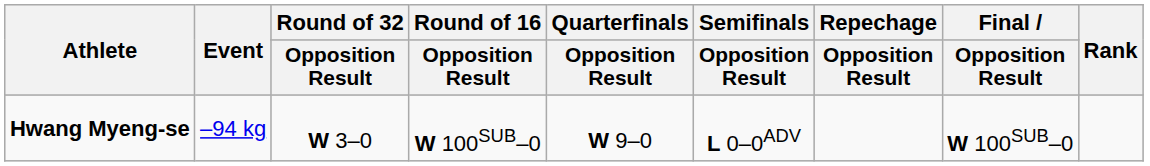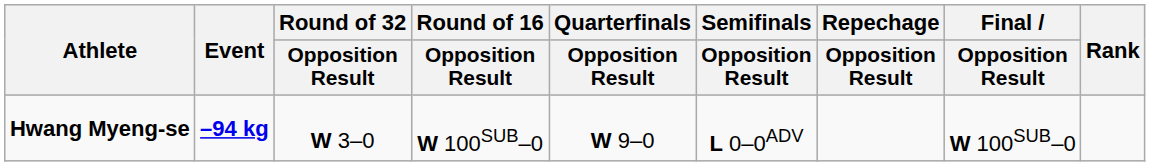 <table class=wikitable style=font-size:90%;text-align:center>
 <tr>
 <th rowspan="2">Athlete</th>
 <th rowspan="2">Event</th>
 <th>Round of 32</th>
 <th>Round of 16</th>
 <th>Quarterfinals</th>
 <th>Semifinals</th>
 <th>Repechage</th>
 <th>Final / </th>
 <th rowspan=2>Rank</th>
 </tr>
 <tr style="font-size:95%">
 <th>Opposition<br>Result</th>
 <th>Opposition<br>Result</th>
 <th>Opposition<br>Result</th>
 <th>Opposition<br>Result</th>
 <th>Opposition<br>Result</th>
 <th>Opposition<br>Result</th>
 </tr>
 <tr>
 <td align=left><strong>Hwang Myeng-se</strong></td>
-<td align=left><a href='#'>–94 kg</a></td>
+<td align=left><strong><a href='#'>–94 kg</a></strong></td>
 <td><br><strong>W</strong> 3–0</td>
 <td><br><strong>W</strong> 100<sup>SUB</sup>–0</td>
 <td><br><strong>W</strong> 9–0</td>
 <td><br><strong>L</strong> 0–0<sup>ADV</sup></td>
 <td></td>
 <td><br><strong>W</strong> 100<sup>SUB</sup>–0</td>
 <td></td>
 </tr>
 </table>
